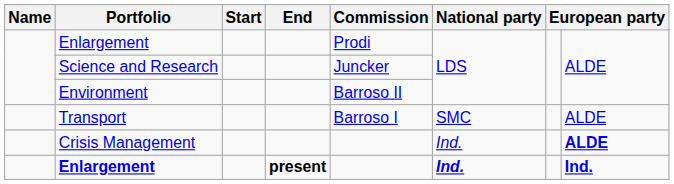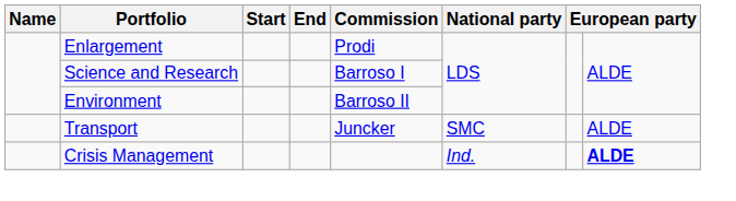 <table class="wikitable sortable" style="font-size: 90%;">
 <tr>
 <th>Name</th>
 <th>Portfolio</th>
 <th>Start</th>
 <th>End</th>
 <th>Commission</th>
 <th>National party</th>
 <th colspan=2>European party</th>
 </tr>
 <tr>
 <td rowspan=3></td>
 <td><a href='#'>Enlargement</a></td>
 <td></td>
 <td></td>
 <td><a href='#'>Prodi</a></td>
 <td rowspan=3><a href='#'>LDS</a></td>
 <td rowspan=3 style="background:"></td>
 <td rowspan=3><a href='#'>ALDE</a></td>
 </tr>
 <tr>
 <td><a href='#'>Science and Research</a></td>
 <td></td>
 <td></td>
-<td><a href='#'>Juncker</a></td>
+<td><a href='#'>Barroso I</a></td>
 </tr>
 <tr>
 <td><a href='#'>Environment</a></td>
 <td></td>
 <td></td>
 <td><a href='#'>Barroso II</a></td>
 </tr>
 <tr>
 <td></td>
 <td><a href='#'>Transport</a></td>
 <td></td>
 <td></td>
-<td><a href='#'>Barroso I</a></td>
+<td><a href='#'>Juncker</a></td>
 <td><a href='#'>SMC</a></td>
 <td style="background:"></td>
 <td><a href='#'>ALDE</a></td>
 </tr>
 <tr>
 <td></td>
 <td><a href='#'>Crisis Management</a></td>
 <td></td>
 <td></td>
 <td></td>
 <td><em><a href='#'>Ind.</a></em></td>
 <td style="background:"></td>
 <td><strong><a href='#'>ALDE</a></strong></td>
 </tr>
-<tr>
-<td><strong></strong></td>
-<td><strong><a href='#'>Enlargement</a></strong></td>
-<td><strong></strong></td>
-<td><strong>present</strong></td>
-<td><strong></strong></td>
-<td><strong><em><a href='#'>Ind.</a></em></strong></td>
-<td style="background:"></td>
-<td><strong><a href='#'>Ind.</a></strong></td>
-</tr>
 </table>
